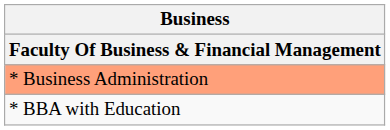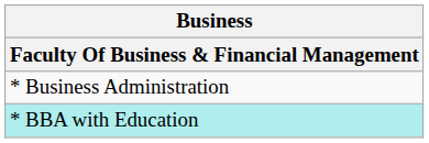 <table class="wikitable sortable" "text-align:center">
 <tr>
 <th colspan=4>Business</th>
 </tr>
 <tr>
 <th>Faculty Of Business & Financial Management</th>
 </tr>
 <tr>
-<td style="background: lightsalmon;">* Business Administration</td>
+<td>* Business Administration</td>
 </tr>
 <tr>
-<td>* BBA with Education</td>
+<td style="background: paleturquoise;">* BBA with Education</td>
 </tr>
 </table>
